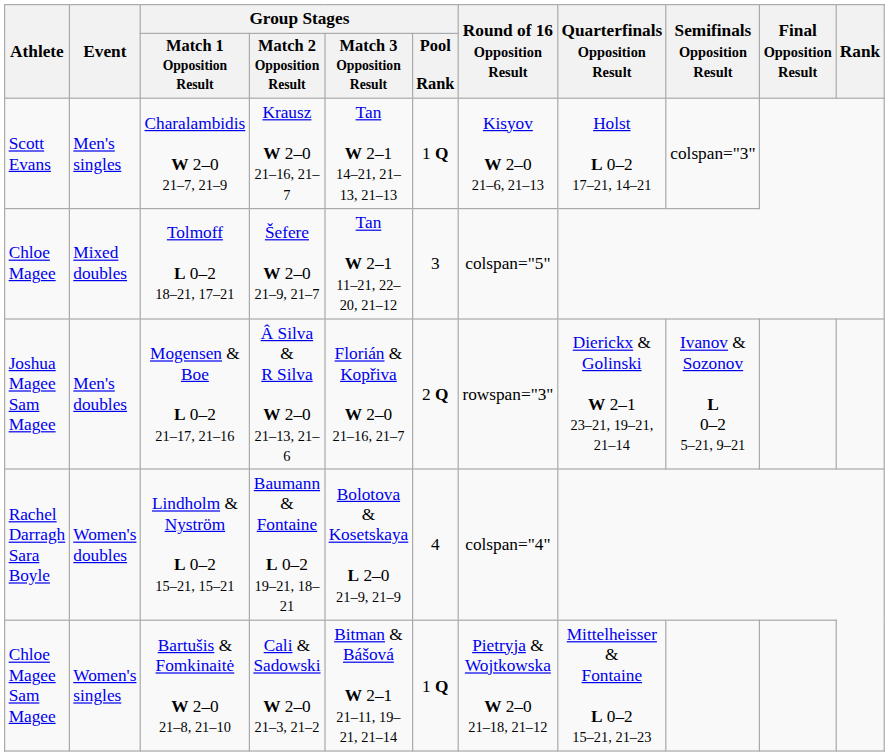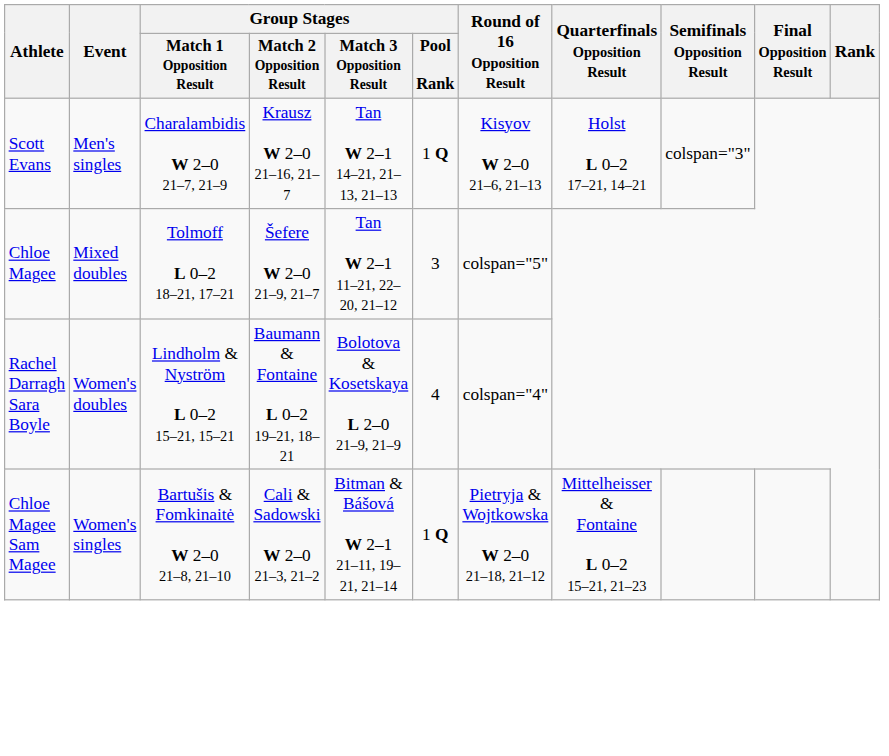 <table class="wikitable" style="font-size:90%;">
 <tr>
 <th rowspan=2>Athlete</th>
 <th rowspan=2>Event</th>
 <th colspan="4">Group Stages</th>
 <th rowspan="2">Round of 16 <small><br>Opposition<br>Result</small></th>
 <th rowspan="2">Quarterfinals <small><br>Opposition<br>Result</small></th>
 <th rowspan="2">Semifinals <small><br>Opposition<br>Result</small></th>
 <th rowspan="2">Final <small><br>Opposition<br>Result</small></th>
 <th rowspan="2">Rank</th>
 </tr>
 <tr style="font-size:95%">
 <th>Match 1 <small><br>Opposition<br>Result</small></th>
 <th>Match 2 <small><br>Opposition<br>Result</small></th>
 <th>Match 3 <small><br>Opposition<br>Result</small></th>
 <th>Pool<br> <br>Rank</th>
 </tr>
 <tr align=center>
 <td align=left><a href='#'>Scott Evans</a></td>
 <td align=left><a href='#'>Men's singles</a></td>
 <td><a href='#'>Charalambidis</a><br><br> <strong>W</strong> 2–0<br><small> 21–7, 21–9</small></td>
 <td><a href='#'>Krausz</a><br><br> <strong>W</strong> 2–0<br><small>21–16, 21–7</small></td>
 <td><a href='#'>Tan</a><br><br> <strong>W</strong> 2–1<br><small>14–21, 21–13, 21–13</small></td>
 <td>1 <strong>Q</strong></td>
 <td><a href='#'>Kisyov</a><br><br> <strong>W</strong> 2–0<br><small>21–6, 21–13</small></td>
 <td><a href='#'>Holst</a><br><br> <strong>L</strong> 0–2<br><small>17–21, 14–21</small></td>
 <td>colspan="3" </td>
 </tr>
 <tr align=center>
 <td align=left><a href='#'>Chloe Magee</a></td>
 <td align=left><a href='#'>Mixed doubles</a></td>
 <td><a href='#'>Tolmoff</a><br><br><strong>L</strong> 0–2<br><small> 18–21, 17–21</small></td>
 <td><a href='#'>Šefere</a><br><br> <strong>W</strong> 2–0<br><small>21–9, 21–7</small></td>
 <td><a href='#'>Tan</a><br><br> <strong>W</strong> 2–1<br><small>11–21, 22–20, 21–12</small></td>
 <td>3</td>
 <td>colspan="5" </td>
 </tr>
 <tr align=center>
-<td align=left><a href='#'>Joshua Magee</a><br><a href='#'>Sam Magee</a></td>
-<td align=left><a href='#'>Men's doubles</a></td>
-<td><a href='#'>Mogensen</a> &<br><a href='#'>Boe</a> <br><br><strong>L</strong> 0–2<br><small>21–17, 21–16</small></td>
-<td><a href='#'>Â Silva</a> &<br><a href='#'>R Silva</a> <br><br> <strong>W</strong> 2–0<br><small>21–13, 21–6</small></td>
-<td><a href='#'>Florián</a> &<br><a href='#'>Kopřiva</a> <br><br> <strong>W</strong> 2–0<br><small> 21–16, 21–7</small></td>
-<td>2 <strong>Q</strong></td>
-<td>rowspan="3" </td>
-<td><a href='#'>Dierickx</a> &<br><a href='#'>Golinski</a> <br><br> <strong>W</strong> 2–1<br><small>23–21, 19–21, 21–14</small></td>
-<td><a href='#'>Ivanov</a> &<br><a href='#'>Sozonov</a> <br><br> <strong>L</strong> <br> 0–2<br><small>5–21, 9–21</small></td>
-<td></td>
-<td></td>
-</tr>
-<tr align=center>
 <td align=left><a href='#'>Rachel Darragh</a><br><a href='#'>Sara Boyle</a></td>
 <td align=left><a href='#'>Women's doubles</a></td>
 <td><a href='#'>Lindholm</a> &<br><a href='#'>Nyström</a> <br><br><strong>L</strong> 0–2<br><small>15–21, 15–21</small></td>
 <td><a href='#'>Baumann</a> &<br><a href='#'>Fontaine</a> <br><br> <strong>L</strong> 0–2<br><small>19–21, 18–21</small></td>
 <td><a href='#'>Bolotova</a> &<br><a href='#'>Kosetskaya</a> <br><br> <strong>L</strong> 2–0<br><small>21–9, 21–9</small></td>
 <td>4</td>
 <td>colspan="4" </td>
 </tr>
 <tr align=center>
 <td align=left><a href='#'>Chloe Magee</a><br><a href='#'>Sam Magee</a></td>
 <td align=left><a href='#'>Women's singles</a></td>
 <td><a href='#'>Bartušis</a> &<br><a href='#'>Fomkinaitė</a> <br><br> <strong>W</strong> 2–0 <br><small>21–8, 21–10</small></td>
 <td><a href='#'>Cali</a> &<br><a href='#'>Sadowski</a> <br><br> <strong>W</strong> 2–0<br><small>21–3, 21–2</small></td>
 <td><a href='#'>Bitman</a> &<br><a href='#'>Bášová</a> <br><br> <strong>W</strong> 2–1<br><small>21–11, 19–21, 21–14</small></td>
 <td>1 <strong>Q</strong></td>
 <td><a href='#'>Pietryja</a> &<br><a href='#'>Wojtkowska</a> <br><br> <strong>W</strong> 2–0<br><small>21–18, 21–12</small></td>
 <td><a href='#'>Mittelheisser</a> &<br><a href='#'>Fontaine</a> <br><br> <strong>L</strong> 0–2 <br> <small>15–21, 21–23</small></td>
 <td></td>
 <td></td>
 </tr>
 </table>
